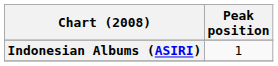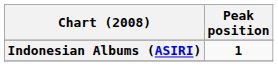 <table class="wikitable sortable plainrowheaders">
 <tr>
 <th scope="col">Chart (2008)</th>
 <th scope="col">Peak<br>position</th>
 </tr>
 <tr>
 </tr>
 <tr>
 </tr>
 <tr>
 <th scope="row">Indonesian Albums (<a href='#'>ASIRI</a>)</th>
-<td style="text-align:center;">1</td>
+<td style="text-align:center;"><strong>1</strong></td>
 </tr>
 <tr>
 </tr>
 </table>
